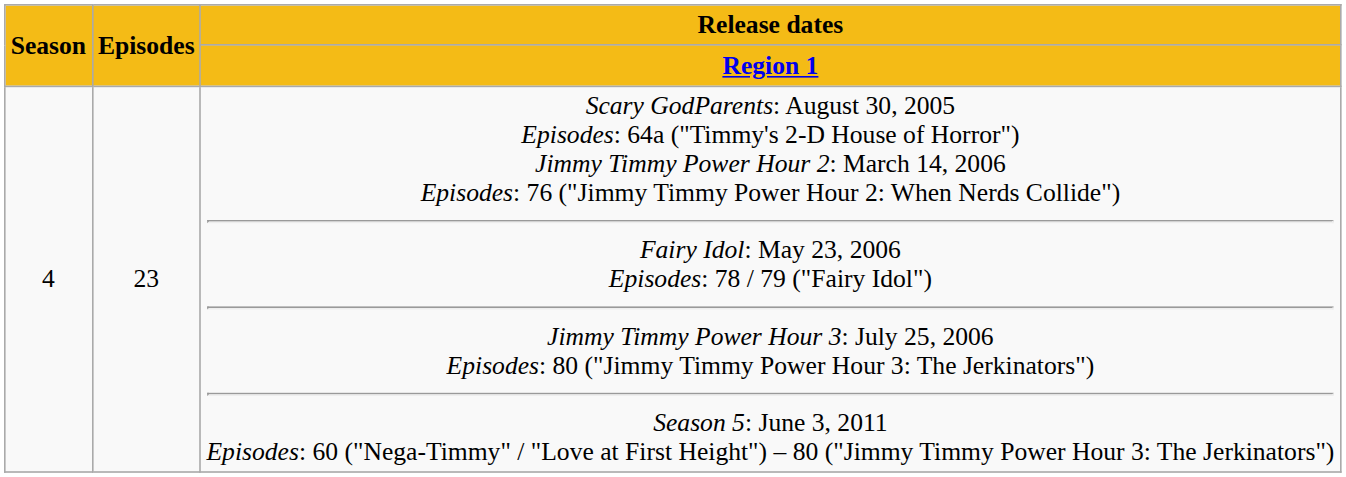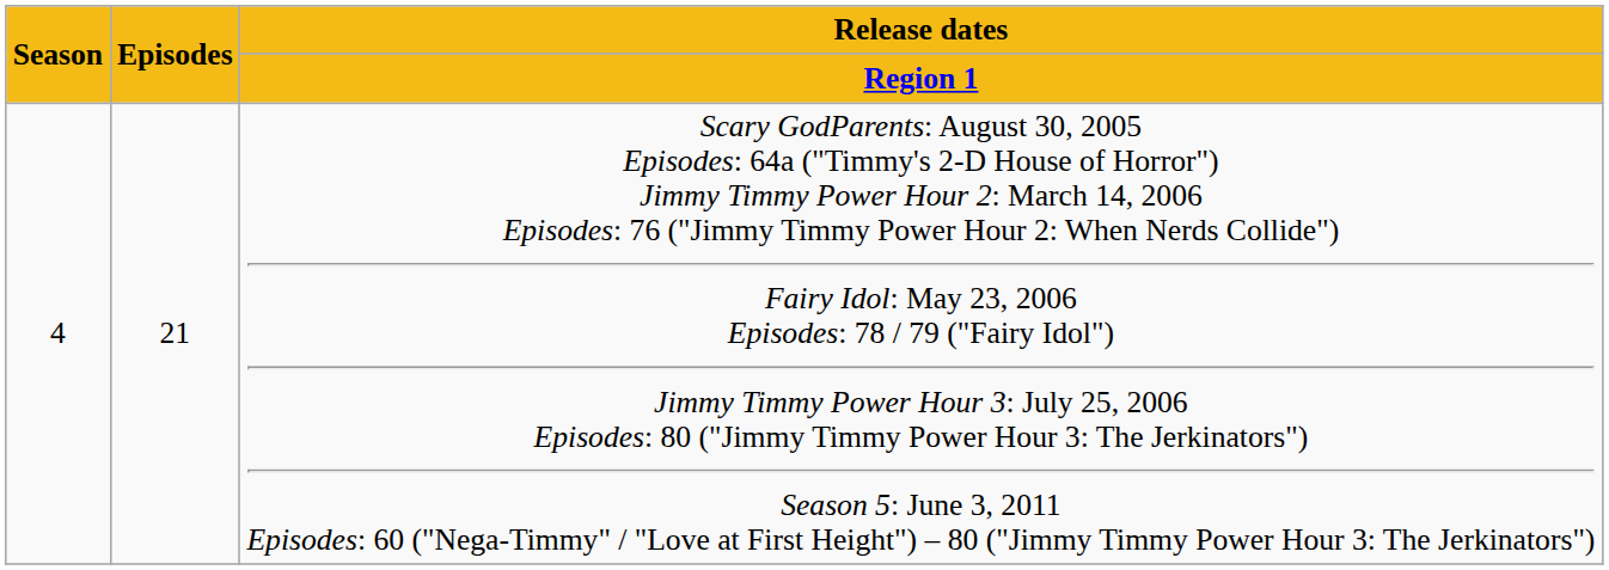 <table class="wikitable" style="text-align: center;">
 <tr>
 <th rowspan=2 style="background:#f4bb16;color:#">Season</th>
 <th rowspan=2 style="background:#f4bb16;color:#">Episodes</th>
 <th colspan=2 style="background:#f4bb16;color:#">Release dates</th>
 </tr>
 <tr>
 <th style="background:#f4bb16;color:#"><a href='#'>Region 1</a></th>
 </tr>
 <tr>
 <td>4</td>
-<td>23</td>
+<td>21</td>
 <td><em>Scary GodParents</em>: August 30, 2005<br><em>Episodes</em>: 64a ("Timmy's 2-D House of Horror")<br><em>Jimmy Timmy Power Hour 2</em>: March 14, 2006<br><em>Episodes</em>: 76 ("Jimmy Timmy Power Hour 2: When Nerds Collide")<hr><em>Fairy Idol</em>: May 23, 2006<br><em>Episodes</em>: 78 / 79 ("Fairy Idol")<hr><em>Jimmy Timmy Power Hour 3</em>: July 25, 2006<br><em>Episodes</em>: 80 ("Jimmy Timmy Power Hour 3: The Jerkinators")<hr><em>Season 5</em>: June 3, 2011<br><em>Episodes</em>: 60 ("Nega-Timmy" / "Love at First Height") – 80 ("Jimmy Timmy Power Hour 3: The Jerkinators")</td>
 </tr>
 </table>
